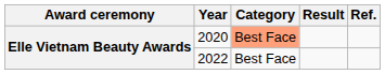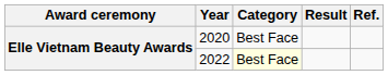 <table class="wikitable">
 <tr>
 <th>Award ceremony</th>
 <th>Year</th>
 <th>Category</th>
 <th>Result</th>
 <th>Ref.</th>
 </tr>
 <tr>
 <th rowspan="2">Elle Vietnam Beauty Awards</th>
 <td>2020</td>
-<td style="background: lightsalmon;">Best Face</td>
+<td>Best Face</td>
 <td></td>
 <td></td>
 </tr>
 <tr>
 <td>2022</td>
-<td>Best Face</td>
+<td style="background: lightyellow;">Best Face</td>
 <td></td>
 <td></td>
 </tr>
 </table>
